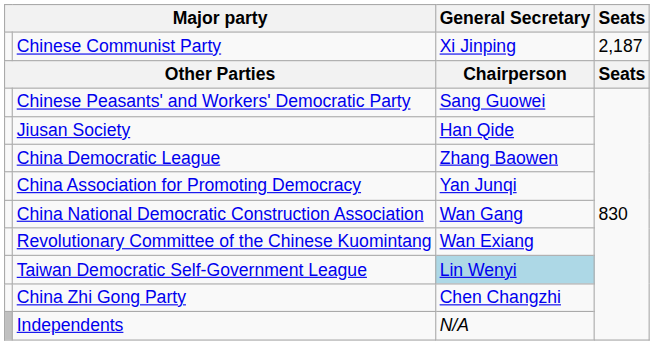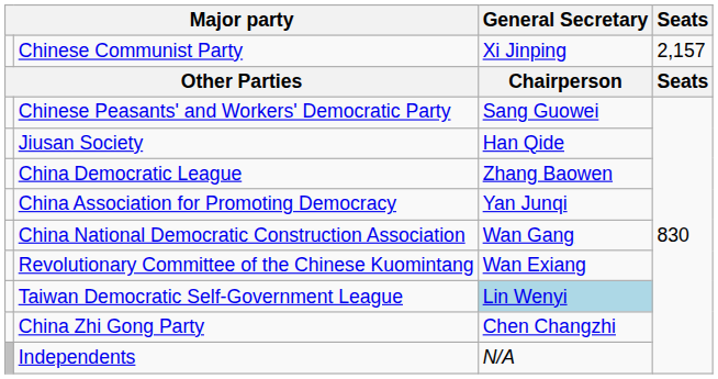 <table class="wikitable">
 <tr>
 <th colspan="2">Major party</th>
 <th>General Secretary</th>
 <th>Seats</th>
 </tr>
 <tr>
 <td style="background: "></td>
 <td><a href='#'>Chinese Communist Party</a></td>
 <td><a href='#'>Xi Jinping</a></td>
-<td>2,187</td>
+<td>2,157</td>
 </tr>
 <tr>
 <th colspan="2">Other Parties</th>
 <th>Chairperson</th>
 <th>Seats</th>
 </tr>
 <tr>
 <td style="background: "></td>
 <td><a href='#'>Chinese Peasants' and Workers' Democratic Party</a></td>
 <td><a href='#'>Sang Guowei</a></td>
 <td rowspan="9">830</td>
 </tr>
 <tr>
 <td style="background: "></td>
 <td><a href='#'>Jiusan Society</a></td>
 <td><a href='#'>Han Qide</a></td>
 </tr>
 <tr>
 <td style="background: "></td>
 <td><a href='#'>China Democratic League</a></td>
 <td><a href='#'>Zhang Baowen</a></td>
 </tr>
 <tr>
 <td style="background: "></td>
 <td><a href='#'>China Association for Promoting Democracy</a></td>
 <td><a href='#'>Yan Junqi</a></td>
 </tr>
 <tr>
 <td style="background: "></td>
 <td><a href='#'>China National Democratic Construction Association</a></td>
 <td><a href='#'>Wan Gang</a></td>
 </tr>
 <tr>
 <td style="background: "></td>
 <td><a href='#'>Revolutionary Committee of the Chinese Kuomintang</a></td>
 <td><a href='#'>Wan Exiang</a></td>
 </tr>
 <tr>
 <td style="background: "></td>
 <td><a href='#'>Taiwan Democratic Self-Government League</a></td>
 <td style="background: lightblue;"><a href='#'>Lin Wenyi</a></td>
 </tr>
 <tr>
 <td style="background: "></td>
 <td><a href='#'>China Zhi Gong Party</a></td>
 <td><a href='#'>Chen Changzhi</a></td>
 </tr>
 <tr>
 <td style="background: #C0C0C0"></td>
 <td><a href='#'>Independents</a></td>
 <td><em>N/A</em></td>
 </tr>
 </table>
